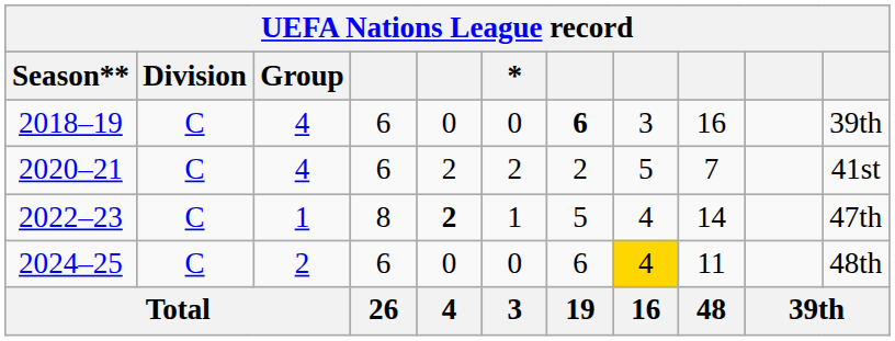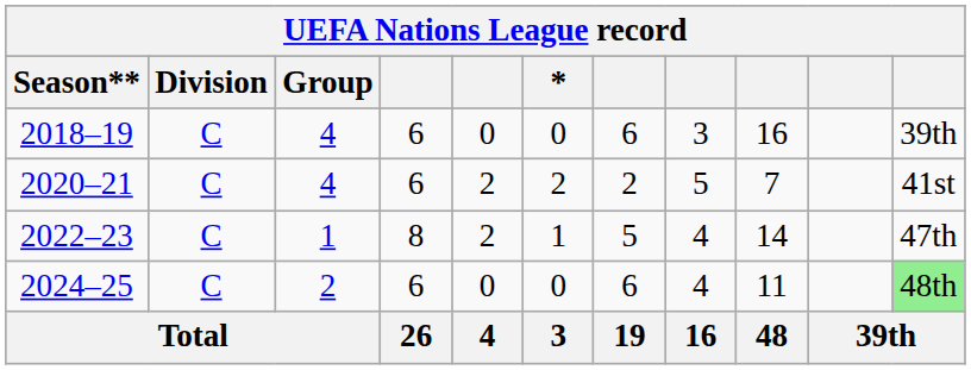 <table class="wikitable" style="text-align: center;">
 <tr>
 <th colspan=11><a href='#'>UEFA Nations League</a> record</th>
 </tr>
 <tr>
 <th>Season**</th>
 <th>Division</th>
 <th>Group</th>
 <th width=28></th>
 <th width=28></th>
 <th width=28>*</th>
 <th width=28></th>
 <th width=28></th>
 <th width=28></th>
 <th width=35></th>
 <th width=28></th>
 </tr>
 <tr>
 <td><a href='#'>2018–19</a></td>
 <td><a href='#'>C</a></td>
 <td><a href='#'>4</a></td>
 <td>6</td>
 <td>0</td>
 <td>0</td>
-<td><strong>6</strong></td>
+<td>6</td>
 <td>3</td>
 <td>16</td>
 <td></td>
 <td>39th</td>
 </tr>
 <tr>
 <td><a href='#'>2020–21</a></td>
 <td><a href='#'>C</a></td>
 <td><a href='#'>4</a></td>
 <td>6</td>
 <td>2</td>
 <td>2</td>
 <td>2</td>
 <td>5</td>
 <td>7</td>
 <td></td>
 <td>41st</td>
 </tr>
 <tr>
 <td><a href='#'>2022–23</a></td>
 <td><a href='#'>C</a></td>
 <td><a href='#'>1</a></td>
 <td>8</td>
-<td><strong>2</strong></td>
+<td>2</td>
 <td>1</td>
 <td>5</td>
 <td>4</td>
 <td>14</td>
 <td></td>
 <td>47th</td>
 </tr>
 <tr>
 <td><a href='#'>2024–25</a></td>
 <td><a href='#'>C</a></td>
 <td><a href='#'>2</a></td>
 <td>6</td>
 <td>0</td>
 <td>0</td>
 <td>6</td>
-<td style="background: gold;">4</td>
+<td>4</td>
 <td>11</td>
 <td></td>
-<td>48th</td>
+<td style="background: lightgreen;">48th</td>
 </tr>
 <tr>
 <th colspan=3>Total</th>
 <th>26</th>
 <th>4</th>
 <th>3</th>
 <th>19</th>
 <th>16</th>
 <th>48</th>
 <th colspan=2>39th</th>
 </tr>
 </table>
